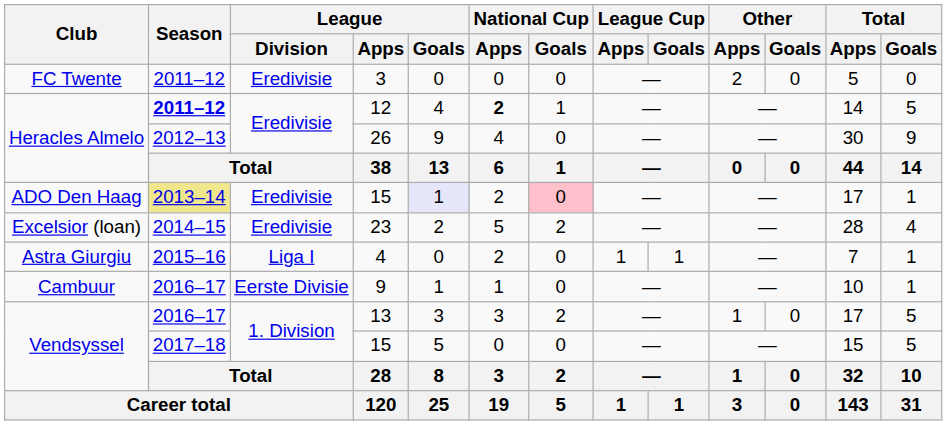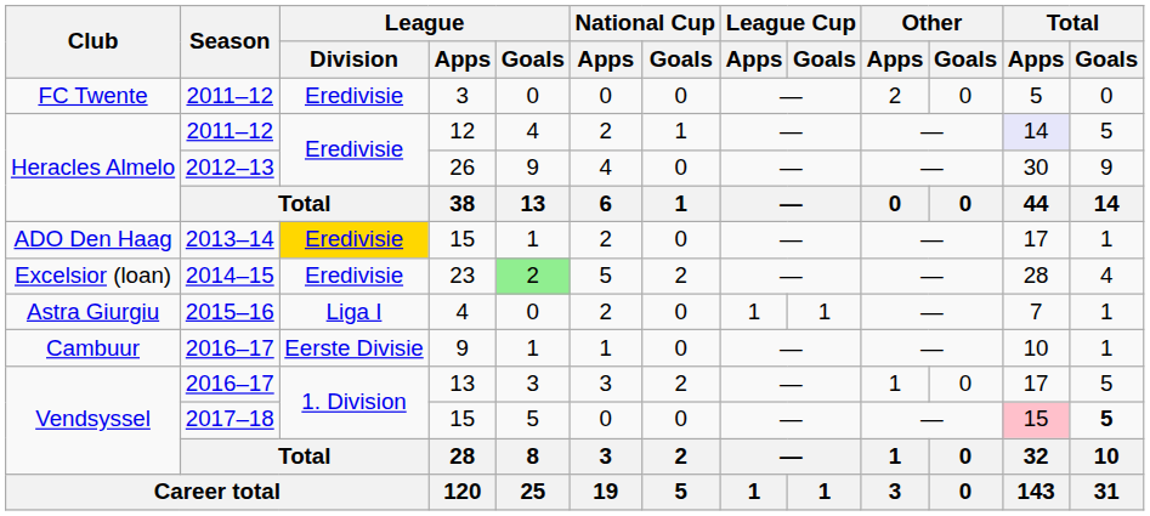 <table class="wikitable" style="text-align:center">
 <tr>
 <th rowspan="2">Club</th>
 <th rowspan="2">Season</th>
 <th colspan="3">League</th>
 <th colspan="2">National Cup</th>
 <th colspan="2">League Cup</th>
 <th colspan="2">Other</th>
 <th colspan="2">Total</th>
 </tr>
 <tr>
 <th>Division</th>
 <th>Apps</th>
 <th>Goals</th>
 <th>Apps</th>
 <th>Goals</th>
 <th>Apps</th>
 <th>Goals</th>
 <th>Apps</th>
 <th>Goals</th>
 <th>Apps</th>
 <th>Goals</th>
 </tr>
 <tr>
 <td><a href='#'>FC Twente</a></td>
 <td><a href='#'>2011–12</a></td>
 <td><a href='#'>Eredivisie</a></td>
 <td>3</td>
 <td>0</td>
 <td>0</td>
 <td>0</td>
 <td colspan="2">—</td>
 <td>2</td>
 <td>0</td>
 <td>5</td>
 <td>0</td>
 </tr>
 <tr>
 <td rowspan="3"><a href='#'>Heracles Almelo</a></td>
-<td><strong><a href='#'>2011–12</a></strong></td>
+<td><a href='#'>2011–12</a></td>
 <td rowspan="2"><a href='#'>Eredivisie</a></td>
 <td>12</td>
 <td>4</td>
-<td><strong>2</strong></td>
+<td>2</td>
 <td>1</td>
 <td colspan="2">—</td>
 <td colspan="2">—</td>
-<td>14</td>
+<td style="background: lavender;">14</td>
 <td>5</td>
 </tr>
 <tr>
 <td><a href='#'>2012–13</a></td>
 <td>26</td>
 <td>9</td>
 <td>4</td>
 <td>0</td>
 <td colspan="2">—</td>
 <td colspan="2">—</td>
 <td>30</td>
 <td>9</td>
 </tr>
 <tr>
 <th colspan="2">Total</th>
 <th>38</th>
 <th>13</th>
 <th>6</th>
 <th>1</th>
 <th colspan="2">—</th>
 <th>0</th>
 <th>0</th>
 <th>44</th>
 <th>14</th>
 </tr>
 <tr>
 <td><a href='#'>ADO Den Haag</a></td>
-<td style="background: khaki;"><a href='#'>2013–14</a></td>
-<td><a href='#'>Eredivisie</a></td>
+<td><a href='#'>2013–14</a></td>
+<td style="background: gold;"><a href='#'>Eredivisie</a></td>
 <td>15</td>
-<td style="background: lavender;">1</td>
+<td>1</td>
 <td>2</td>
-<td style="background: pink;">0</td>
+<td>0</td>
 <td colspan="2">—</td>
 <td colspan="2">—</td>
 <td>17</td>
 <td>1</td>
 </tr>
 <tr>
 <td><a href='#'>Excelsior</a> (loan)</td>
 <td><a href='#'>2014–15</a></td>
 <td><a href='#'>Eredivisie</a></td>
 <td>23</td>
-<td>2</td>
+<td style="background: lightgreen;">2</td>
 <td>5</td>
 <td>2</td>
 <td colspan="2">—</td>
 <td colspan="2">—</td>
 <td>28</td>
 <td>4</td>
 </tr>
 <tr>
 <td><a href='#'>Astra Giurgiu</a></td>
 <td><a href='#'>2015–16</a></td>
 <td><a href='#'>Liga I</a></td>
 <td>4</td>
 <td>0</td>
 <td>2</td>
 <td>0</td>
 <td>1</td>
 <td>1</td>
 <td colspan="2">—</td>
 <td>7</td>
 <td>1</td>
 </tr>
 <tr>
 <td><a href='#'>Cambuur</a></td>
 <td><a href='#'>2016–17</a></td>
 <td><a href='#'>Eerste Divisie</a></td>
 <td>9</td>
 <td>1</td>
 <td>1</td>
 <td>0</td>
 <td colspan="2">—</td>
 <td colspan="2">—</td>
 <td>10</td>
 <td>1</td>
 </tr>
 <tr>
 <td rowspan="3"><a href='#'>Vendsyssel</a></td>
 <td><a href='#'>2016–17</a></td>
 <td rowspan="2"><a href='#'>1. Division</a></td>
 <td>13</td>
 <td>3</td>
 <td>3</td>
 <td>2</td>
 <td colspan="2">—</td>
 <td>1</td>
 <td>0</td>
 <td>17</td>
 <td>5</td>
 </tr>
 <tr>
 <td><a href='#'>2017–18</a></td>
 <td>15</td>
 <td>5</td>
 <td>0</td>
 <td>0</td>
 <td colspan="2">—</td>
 <td colspan="2">—</td>
-<td>15</td>
-<td>5</td>
+<td style="background: pink;">15</td>
+<td><strong>5</strong></td>
 </tr>
 <tr>
 <th colspan="2">Total</th>
 <th>28</th>
 <th>8</th>
 <th>3</th>
 <th>2</th>
 <th colspan="2">—</th>
 <th>1</th>
 <th>0</th>
 <th>32</th>
 <th>10</th>
 </tr>
 <tr>
 <th colspan="3">Career total</th>
 <th>120</th>
 <th>25</th>
 <th>19</th>
 <th>5</th>
 <th>1</th>
 <th>1</th>
 <th>3</th>
 <th>0</th>
 <th>143</th>
 <th>31</th>
 </tr>
 </table>
